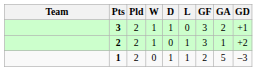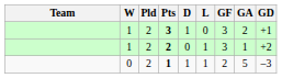 <table class=wikitable style="text-align:center">
 <tr>
 <th width=165>Team</th>
+<th width=20>W</th>
+<th width=20>Pld</th>
 <th width=20>Pts</th>
-<th width=20>Pld</th>
-<th width=20>W</th>
 <th width=20>D</th>
 <th width=20>L</th>
 <th width=20>GF</th>
 <th width=20>GA</th>
 <th width=20>GD</th>
 </tr>
 <tr align=center style="background:#ccffcc;">
 <td style="text-align:left;"></td>
+<td>1</td>
+<td>2</td>
 <td><strong>3</strong></td>
-<td>2</td>
-<td>1</td>
 <td>1</td>
 <td>0</td>
 <td>3</td>
 <td>2</td>
 <td>+1</td>
 </tr>
 <tr align=center style="background:#ccffcc;">
 <td style="text-align:left;"></td>
+<td>1</td>
+<td>2</td>
 <td><strong>2</strong></td>
-<td>2</td>
-<td>1</td>
 <td>0</td>
 <td>1</td>
 <td>3</td>
 <td>1</td>
 <td>+2</td>
 </tr>
 <tr align=center>
 <td style="text-align:left;"></td>
+<td>0</td>
+<td>2</td>
 <td><strong>1</strong></td>
-<td>2</td>
-<td>0</td>
 <td>1</td>
 <td>1</td>
 <td>2</td>
 <td>5</td>
 <td>–3</td>
 </tr>
 </table>
